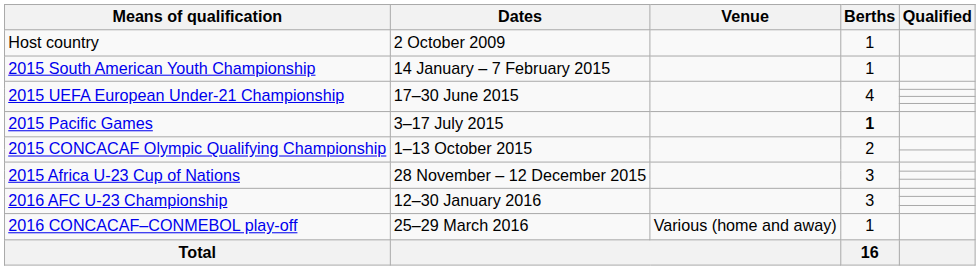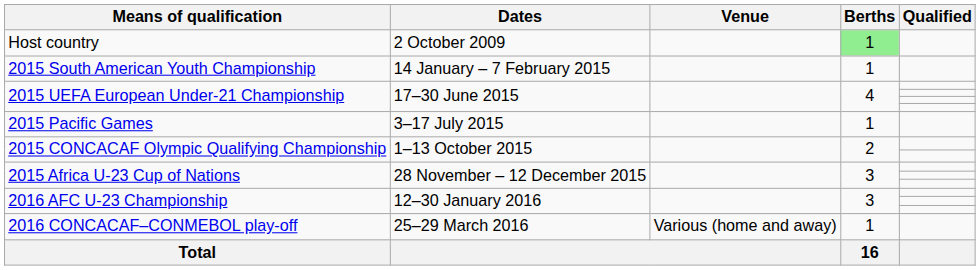 <table class="wikitable">
 <tr>
 <th>Means of qualification</th>
 <th>Dates</th>
 <th>Venue</th>
 <th>Berths</th>
 <th>Qualified</th>
 </tr>
 <tr>
 <td>Host country</td>
 <td>2 October 2009</td>
 <td></td>
-<td align="center">1</td>
+<td align="center" style="background: lightgreen;">1</td>
 <td></td>
 </tr>
 <tr>
 <td><a href='#'>2015 South American Youth Championship</a></td>
 <td>14 January – 7 February 2015</td>
 <td></td>
 <td align=center>1</td>
 <td></td>
 </tr>
 <tr>
 <td rowspan="4"><a href='#'>2015 UEFA European Under-21 Championship</a></td>
 <td rowspan="4">17–30 June 2015</td>
 <td rowspan="4"></td>
 <td rowspan="4" align=center>4</td>
 <td></td>
 </tr>
 <tr>
 <td></td>
 </tr>
 <tr>
 <td></td>
 </tr>
 <tr>
 <td></td>
 </tr>
 <tr>
 <td><a href='#'>2015 Pacific Games</a></td>
 <td>3–17 July 2015</td>
 <td></td>
-<td align=center><strong>1</strong></td>
+<td align=center>1</td>
 <td></td>
 </tr>
 <tr>
 <td rowspan="2"><a href='#'>2015 CONCACAF Olympic Qualifying Championship</a></td>
 <td rowspan="2">1–13 October 2015</td>
 <td rowspan="2"></td>
 <td rowspan="2" align=center>2</td>
 <td></td>
 </tr>
 <tr>
 <td></td>
 </tr>
 <tr>
 <td rowspan="3"><a href='#'>2015 Africa U-23 Cup of Nations</a></td>
 <td rowspan="3">28 November – 12 December 2015</td>
 <td rowspan="3"></td>
 <td rowspan="3" align=center>3</td>
 <td></td>
 </tr>
 <tr>
 <td></td>
 </tr>
 <tr>
 <td></td>
 </tr>
 <tr>
 <td rowspan="3"><a href='#'>2016 AFC U-23 Championship</a></td>
 <td rowspan="3">12–30 January 2016</td>
 <td rowspan="3"></td>
 <td rowspan="3" align=center>3</td>
 <td></td>
 </tr>
 <tr>
 <td></td>
 </tr>
 <tr>
 <td></td>
 </tr>
 <tr>
 <td><a href='#'>2016 CONCACAF–CONMEBOL play-off</a></td>
 <td>25–29 March 2016</td>
 <td>Various (home and away)</td>
 <td align=center>1</td>
 <td></td>
 </tr>
 <tr>
 <th>Total</th>
 <th colspan=2></th>
 <th>16</th>
 <th></th>
 </tr>
 </table>
